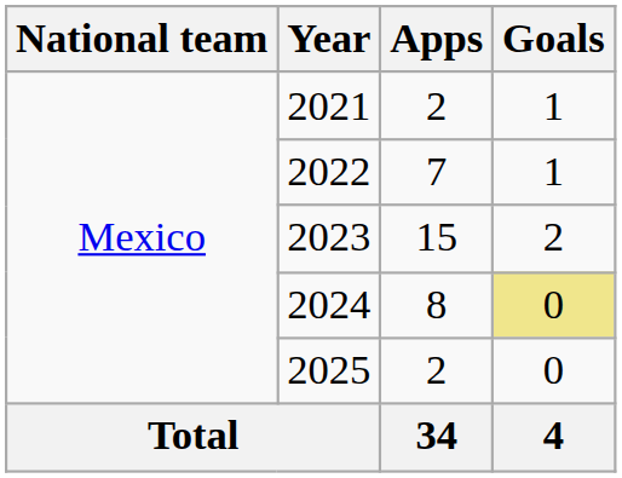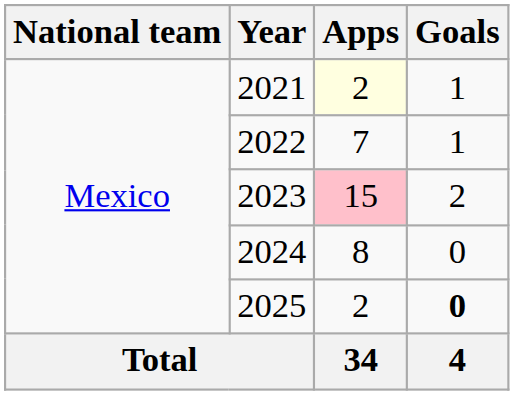 <table class="wikitable" style="text-align:center">
 <tr>
 <th>National team</th>
 <th>Year</th>
 <th>Apps</th>
 <th>Goals</th>
 </tr>
 <tr>
 <td rowspan="5"><a href='#'>Mexico</a></td>
 <td>2021</td>
-<td>2</td>
+<td style="background: lightyellow;">2</td>
 <td>1</td>
 </tr>
 <tr>
 <td>2022</td>
 <td>7</td>
 <td>1</td>
 </tr>
 <tr>
 <td>2023</td>
-<td>15</td>
+<td style="background: pink;">15</td>
 <td>2</td>
 </tr>
 <tr>
 <td>2024</td>
 <td>8</td>
-<td style="background: khaki;">0</td>
+<td>0</td>
 </tr>
 <tr>
 <td>2025</td>
 <td>2</td>
-<td>0</td>
+<td><strong>0</strong></td>
 </tr>
 <tr>
 <th colspan="2">Total</th>
 <th>34</th>
 <th>4</th>
 </tr>
 </table>
